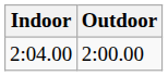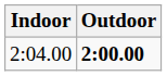 <table class="wikitable" border="1" align="upright">
 <tr>
 <th>Indoor</th>
 <th>Outdoor</th>
 </tr>
 <tr>
 <td>2:04.00</td>
-<td>2:00.00</td>
+<td><strong>2:00.00</strong></td>
 </tr>
 </table>
